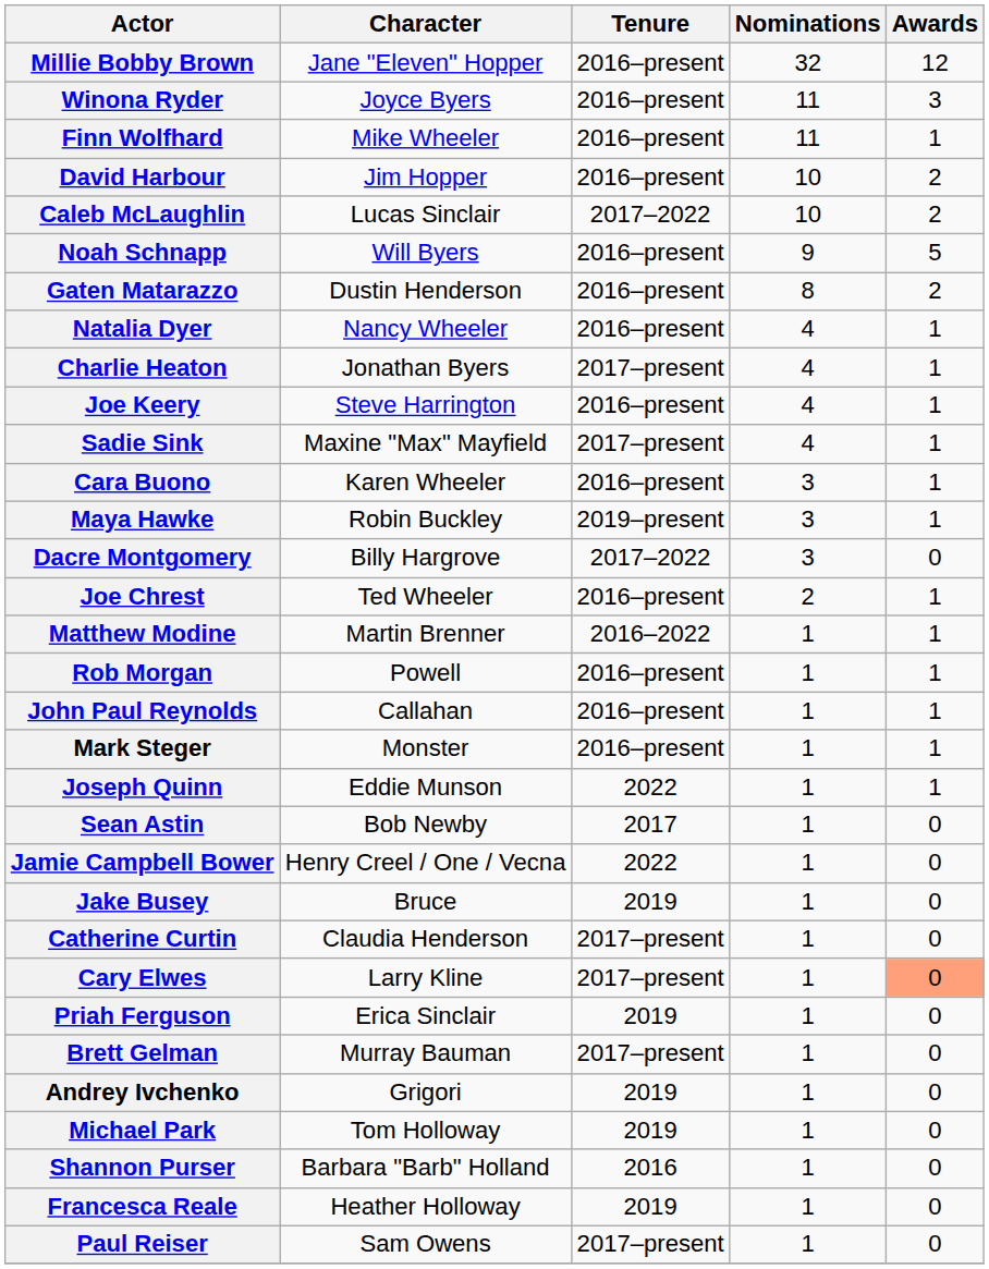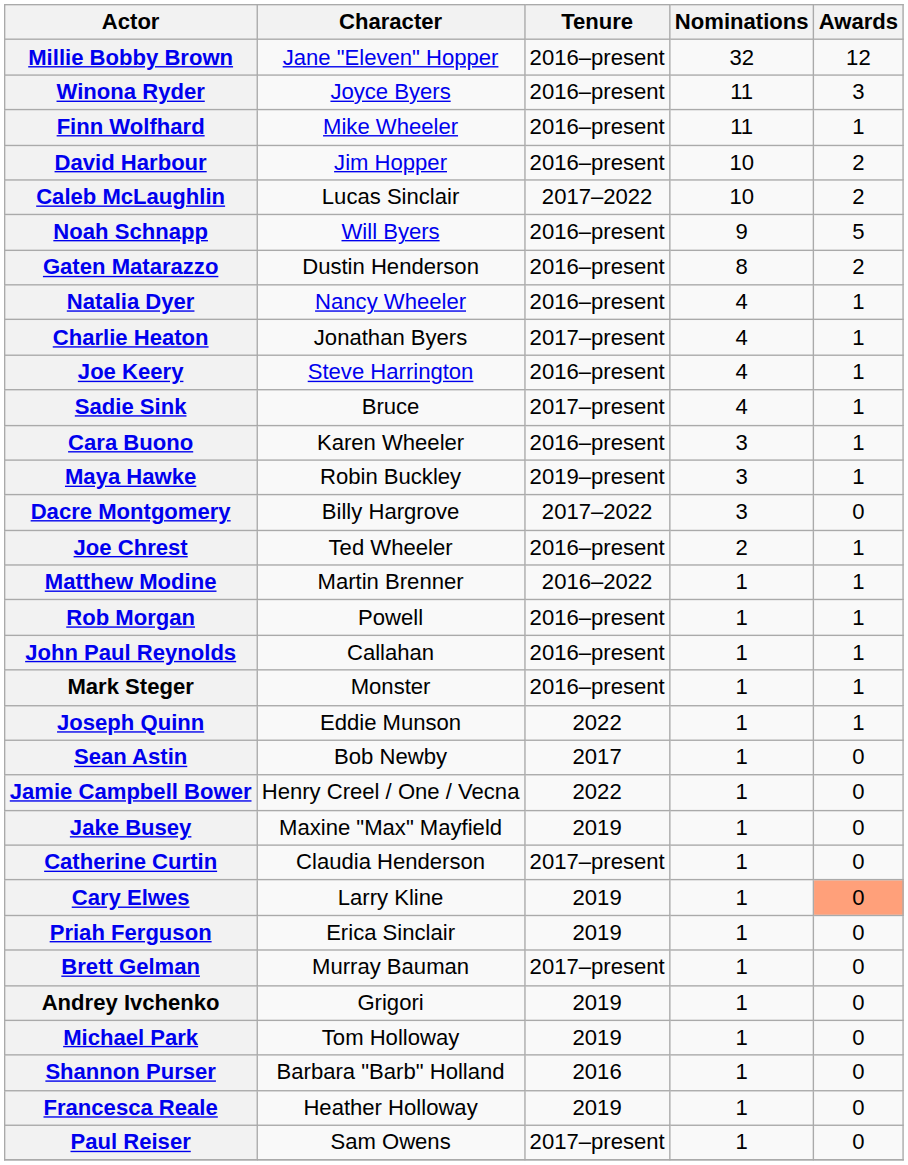 <table class="wikitable sortable plainrowheaders" style="text-align:center;">
 <tr>
 <th scope="col">Actor</th>
 <th scope="col">Character</th>
 <th scope="col">Tenure</th>
 <th scope="col">Nominations</th>
 <th scope="col">Awards</th>
 </tr>
 <tr>
 <th scope="row" data-sort-value="Brown, Millie Bobby"><a href='#'>Millie Bobby Brown</a></th>
 <td><a href='#'>Jane "Eleven" Hopper</a></td>
 <td>2016–present</td>
 <td>32</td>
 <td>12</td>
 </tr>
 <tr>
 <th scope="row" data-sort-value="Ryder, Winona"><a href='#'>Winona Ryder</a></th>
 <td data-sort-value="Byers, Joyce"><a href='#'>Joyce Byers</a></td>
 <td>2016–present</td>
 <td>11</td>
 <td>3</td>
 </tr>
 <tr>
 <th scope="row" data-sort-value="Wolfhard, Finn"><a href='#'>Finn Wolfhard</a></th>
 <td data-sort-value="Wheeler, Mike"><a href='#'>Mike Wheeler</a></td>
 <td>2016–present</td>
 <td>11</td>
 <td>1</td>
 </tr>
 <tr>
 <th scope="row" data-sort-value="Harbour, David"><a href='#'>David Harbour</a></th>
 <td data-sort-value="Hopper, Jim"><a href='#'>Jim Hopper</a></td>
 <td>2016–present</td>
 <td>10</td>
 <td>2</td>
 </tr>
 <tr>
 <th scope="row" data-sort-value="McLaughlin, Caleb"><a href='#'>Caleb McLaughlin</a></th>
 <td data-sort-value="Sinclair, Lucas">Lucas Sinclair</td>
 <td>2017–2022</td>
 <td>10</td>
 <td>2</td>
 </tr>
 <tr>
 <th scope="row" data-sort-value="Schnapp, Noah"><a href='#'>Noah Schnapp</a></th>
 <td data-sort-value="Byers, Will"><a href='#'>Will Byers</a></td>
 <td>2016–present</td>
 <td>9</td>
 <td>5</td>
 </tr>
 <tr>
 <th scope="row" data-sort-value="Matarazzo, Gaten"><a href='#'>Gaten Matarazzo</a></th>
 <td data-sort-value="Henderson, Dustin">Dustin Henderson</td>
 <td>2016–present</td>
 <td>8</td>
 <td>2</td>
 </tr>
 <tr>
 <th scope="row" data-sort-value="Dyer, Natalia"><a href='#'>Natalia Dyer</a></th>
 <td data-sort-value="Wheeler, Nancy"><a href='#'>Nancy Wheeler</a></td>
 <td>2016–present</td>
 <td>4</td>
 <td>1</td>
 </tr>
 <tr>
 <th scope="row" data-sort-value="Heaton, Charlie"><a href='#'>Charlie Heaton</a></th>
 <td data-sort-value="Byers, Jonathan">Jonathan Byers</td>
 <td>2017–present</td>
 <td>4</td>
 <td>1</td>
 </tr>
 <tr>
 <th scope="row" data-sort-value="Keery, Joe"><a href='#'>Joe Keery</a></th>
 <td data-sort-value="Harrington, Steve"><a href='#'>Steve Harrington</a></td>
 <td>2016–present</td>
 <td>4</td>
 <td>1</td>
 </tr>
 <tr>
 <th scope="row" data-sort-value="Sink, Sadie"><a href='#'>Sadie Sink</a></th>
-<td data-sort-value="Mayfield, Maxine ">Maxine "Max" Mayfield</td>
+<td>Bruce</td>
 <td>2017–present</td>
 <td>4</td>
 <td>1</td>
 </tr>
 <tr>
 <th scope="row" data-sort-value="Buono, Cara"><a href='#'>Cara Buono</a></th>
 <td data-sort-value="Wheeler, Karen">Karen Wheeler</td>
 <td>2016–present</td>
 <td>3</td>
 <td>1</td>
 </tr>
 <tr>
 <th scope="row" data-sort-value="Hawke, Maya"><a href='#'>Maya Hawke</a></th>
 <td data-sort-value="Buckley, Robin">Robin Buckley</td>
 <td>2019–present</td>
 <td>3</td>
 <td>1</td>
 </tr>
 <tr>
 <th scope="row" data-sort-value="Montgomery, Dacre"><a href='#'>Dacre Montgomery</a></th>
 <td data-sort-value="Hargrove, Billy">Billy Hargrove</td>
 <td>2017–2022</td>
 <td>3</td>
 <td>0</td>
 </tr>
 <tr>
 <th scope="row" data-sort-value="Chrest, Joe"><a href='#'>Joe Chrest</a></th>
 <td data-sort-value="Wheeler, Ted">Ted Wheeler</td>
 <td>2016–present</td>
 <td>2</td>
 <td>1</td>
 </tr>
 <tr>
 <th scope="row" data-sort-value="Modine, Matthew"><a href='#'>Matthew Modine</a></th>
 <td data-sort-value="Brenner, Martin">Martin Brenner</td>
 <td>2016–2022</td>
 <td>1</td>
 <td>1</td>
 </tr>
 <tr>
 <th scope="row" data-sort-value="Morgan, Rob"><a href='#'>Rob Morgan</a></th>
 <td>Powell</td>
 <td>2016–present</td>
 <td>1</td>
 <td>1</td>
 </tr>
 <tr>
 <th scope="row" data-sort-value="Reynolds, John Paul"><a href='#'>John Paul Reynolds</a></th>
 <td>Callahan</td>
 <td>2016–present</td>
 <td>1</td>
 <td>1</td>
 </tr>
 <tr>
 <th scope="row" data-sort-value="Steger, Mark">Mark Steger</th>
 <td>Monster</td>
 <td>2016–present</td>
 <td>1</td>
 <td>1</td>
 </tr>
 <tr>
 <th scope="row" data-sort-value="Quinn, Joseph"><a href='#'>Joseph Quinn</a></th>
 <td data-sort-value="Munson, Eddie">Eddie Munson</td>
 <td>2022</td>
 <td>1</td>
 <td>1</td>
 </tr>
 <tr>
 <th scope="row" data-sort-value="Astin, Sean"><a href='#'>Sean Astin</a></th>
 <td data-sort-value="Newby, Bob">Bob Newby</td>
 <td>2017</td>
 <td>1</td>
 <td>0</td>
 </tr>
 <tr>
 <th scope="row" data-sort-value="Bower, Jamie Campbell"><a href='#'>Jamie Campbell Bower</a></th>
 <td data-sort-value="Creel, Henry">Henry Creel / One / Vecna</td>
 <td>2022</td>
 <td>1</td>
 <td>0</td>
 </tr>
 <tr>
 <th scope="row" data-sort-value="Busey, Jake"><a href='#'>Jake Busey</a></th>
-<td>Bruce</td>
+<td data-sort-value="Mayfield, Maxine ">Maxine "Max" Mayfield</td>
 <td>2019</td>
 <td>1</td>
 <td>0</td>
 </tr>
 <tr>
 <th scope="row" data-sort-value="Curtin, Catherine"><a href='#'>Catherine Curtin</a></th>
 <td data-sort-value="Henderson, Claudia">Claudia Henderson</td>
 <td>2017–present</td>
 <td>1</td>
 <td>0</td>
 </tr>
 <tr>
 <th scope="row" data-sort-value="Elwes, Cary"><a href='#'>Cary Elwes</a></th>
 <td data-sort-value="Kline, Larry">Larry Kline</td>
-<td>2017–present</td>
+<td>2019</td>
 <td>1</td>
 <td style="background: lightsalmon;">0</td>
 </tr>
 <tr>
 <th scope="row" data-sort-value="Ferguson, Priah"><a href='#'>Priah Ferguson</a></th>
 <td data-sort-value="Sinclair, Erica">Erica Sinclair</td>
 <td>2019</td>
 <td>1</td>
 <td>0</td>
 </tr>
 <tr>
 <th scope="row" data-sort-value="Gelman, Brett"><a href='#'>Brett Gelman</a></th>
 <td data-sort-value="Bauman, Murray">Murray Bauman</td>
 <td>2017–present</td>
 <td>1</td>
 <td>0</td>
 </tr>
 <tr>
 <th scope="row" data-sort-value="Ivchenko, Andrey">Andrey Ivchenko</th>
 <td>Grigori</td>
 <td>2019</td>
 <td>1</td>
 <td>0</td>
 </tr>
 <tr>
 <th scope="row" data-sort-value="Park, Michael"><a href='#'>Michael Park</a></th>
 <td data-sort-value="Holloway, Tom">Tom Holloway</td>
 <td>2019</td>
 <td>1</td>
 <td>0</td>
 </tr>
 <tr>
 <th scope="row" data-sort-value="Purser, Shannon"><a href='#'>Shannon Purser</a></th>
 <td data-sort-value="Holland, Barbara ">Barbara "Barb" Holland</td>
 <td>2016</td>
 <td>1</td>
 <td>0</td>
 </tr>
 <tr>
 <th scope="row" data-sort-value="Reale, Francesca"><a href='#'>Francesca Reale</a></th>
 <td data-sort-value="Holloway, Heather">Heather Holloway</td>
 <td>2019</td>
 <td>1</td>
 <td>0</td>
 </tr>
 <tr>
 <th scope="row" data-sort-value="Reiser, Paul"><a href='#'>Paul Reiser</a></th>
 <td data-sort-value="Owens, Sam">Sam Owens</td>
 <td>2017–present</td>
 <td>1</td>
 <td>0</td>
 </tr>
 <tr>
 </tr>
 </table>
